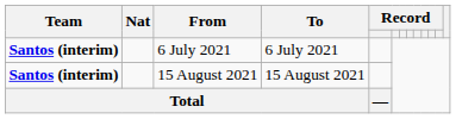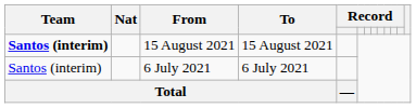 <table class="wikitable" style="text-align: center">
 <tr>
 <th rowspan="2">Team</th>
 <th rowspan="2">Nat</th>
 <th rowspan="2">From</th>
 <th rowspan="2">To</th>
 <th colspan="8">Record</th>
 <th rowspan=2></th>
 </tr>
 <tr>
 <th></th>
 <th></th>
 <th></th>
 <th></th>
 <th></th>
 <th></th>
 <th></th>
 <th></th>
 </tr>
 <tr>
 <td align=left><strong><a href='#'>Santos</a> (interim)</strong></td>
 <td></td>
-<td align=left>6 July 2021</td>
-<td align=left>6 July 2021<br></td>
+<td align=left>15 August 2021</td>
+<td align=left>15 August 2021<br></td>
 <td></td>
 </tr>
 <tr>
-<td align=left><strong><a href='#'>Santos</a> (interim)</strong></td>
+<td align=left><a href='#'>Santos</a> (interim)</td>
 <td></td>
-<td align=left>15 August 2021</td>
-<td align=left>15 August 2021<br></td>
+<td align=left>6 July 2021</td>
+<td align=left>6 July 2021<br></td>
 <td></td>
 </tr>
 <tr>
 <th colspan="4">Total<br></th>
 <th>—</th>
 </tr>
 </table>
